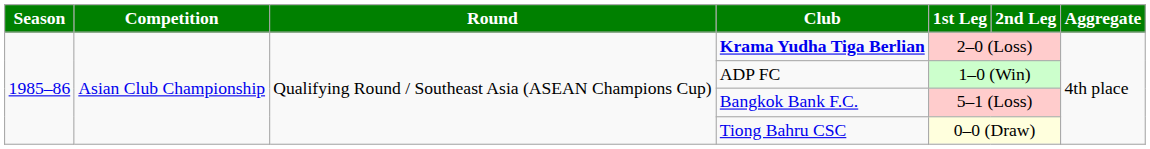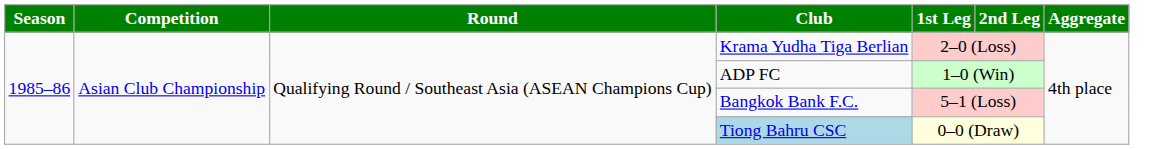 <table class="wikitable">
 <tr>
 <th style="background:green; color:white;">Season</th>
 <th style="background:green; color:white;">Competition</th>
 <th style="background:green; color:white;">Round</th>
 <th style="background:green; color:white;">Club</th>
 <th style="background:green; color:white;">1st Leg</th>
 <th style="background:green; color:white;">2nd Leg</th>
 <th style="background:green; color:white;">Aggregate</th>
 </tr>
 <tr>
 <td rowspan="4" style="text-align:center;"><a href='#'>1985–86</a></td>
 <td rowspan="4" style="text-align:center;"><a href='#'>Asian Club Championship</a></td>
 <td rowspan=4>Qualifying Round / Southeast Asia (ASEAN Champions Cup)</td>
-<td><strong> <a href='#'>Krama Yudha Tiga Berlian</a></strong></td>
+<td> <a href='#'>Krama Yudha Tiga Berlian</a></td>
 <td colspan="2"  style="text-align:center; background:#fcc;">2–0 (Loss)</td>
 <td rowspan=4>4th place</td>
 </tr>
 <tr>
 <td> ADP FC</td>
 <td colspan="2"  style="text-align:center; background:#cfc;">1–0 (Win)</td>
 </tr>
 <tr>
 <td> <a href='#'>Bangkok Bank F.C.</a></td>
 <td colspan="2"  style="text-align:center; background:#fcc;">5–1 (Loss)</td>
 </tr>
 <tr>
-<td> <a href='#'>Tiong Bahru CSC</a></td>
+<td style="background: lightblue;"> <a href='#'>Tiong Bahru CSC</a></td>
 <td colspan="2"  style="text-align:center; background:#ffd;">0–0 (Draw)</td>
 </tr>
 </table>
